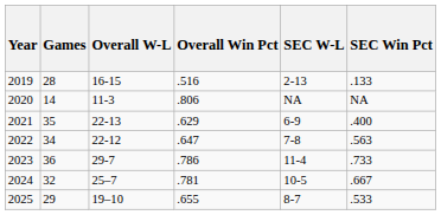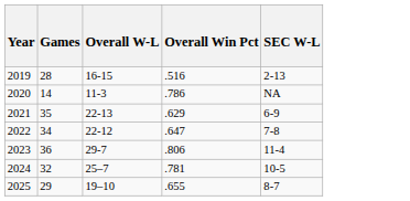 <table class="wikitable">
 <tr>
 <th><br><h3>Year</h3></th>
 <th><br><h3>Games</h3></th>
 <th><br><h3>Overall W-L</h3></th>
 <th><br><h3>Overall Win Pct</h3></th>
 <th><br><h3>SEC W-L</h3></th>
-<th><br><h3>SEC Win Pct</h3></th>
 </tr>
 <tr>
 <td>2019</td>
 <td>28</td>
 <td>16-15</td>
 <td>.516</td>
 <td>2-13</td>
-<td>.133</td>
 </tr>
 <tr>
 <td>2020</td>
 <td>14</td>
 <td>11-3</td>
-<td>.806</td>
-<td>NA</td>
+<td>.786</td>
 <td>NA</td>
 </tr>
 <tr>
 <td>2021</td>
 <td>35</td>
 <td>22-13</td>
 <td>.629</td>
 <td>6-9</td>
-<td>.400</td>
 </tr>
 <tr>
 <td>2022</td>
 <td>34</td>
 <td>22-12</td>
 <td>.647</td>
 <td>7-8</td>
-<td>.563</td>
 </tr>
 <tr>
 <td>2023</td>
 <td>36</td>
 <td>29-7</td>
-<td>.786</td>
+<td>.806</td>
 <td>11-4</td>
-<td>.733</td>
 </tr>
 <tr>
 <td>2024</td>
 <td>32</td>
 <td>25–7</td>
 <td>.781</td>
 <td>10-5</td>
-<td>.667</td>
 </tr>
 <tr>
 <td>2025</td>
 <td>29</td>
 <td>19–10</td>
 <td>.655</td>
 <td>8-7</td>
-<td>.533</td>
 </tr>
 </table>
